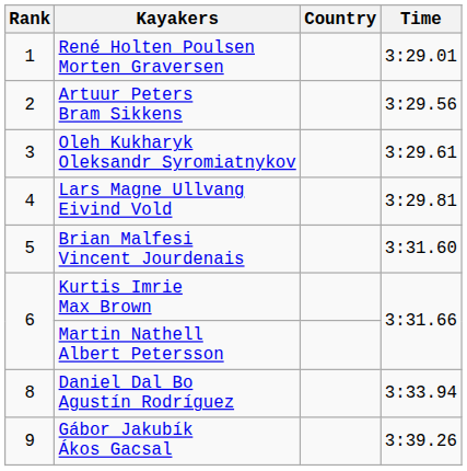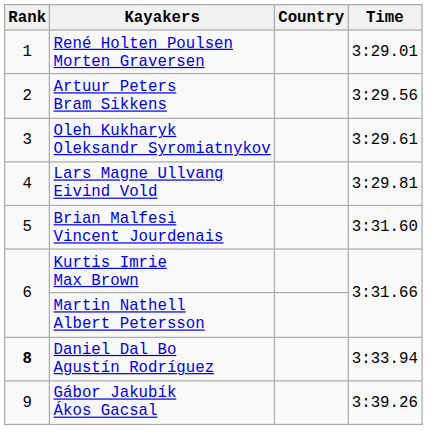 <table class="wikitable" style="text-align:center">
 <tr>
 <th>Rank</th>
 <th>Kayakers</th>
 <th>Country</th>
 <th>Time</th>
 </tr>
 <tr>
 <td>1</td>
 <td align="left"><a href='#'>René Holten Poulsen</a><br><a href='#'>Morten Graversen</a></td>
 <td align="left"></td>
 <td>3:29.01</td>
 </tr>
 <tr>
 <td>2</td>
 <td align="left"><a href='#'>Artuur Peters</a><br><a href='#'>Bram Sikkens</a></td>
 <td align="left"></td>
 <td>3:29.56</td>
 </tr>
 <tr>
 <td>3</td>
 <td align="left"><a href='#'>Oleh Kukharyk</a><br><a href='#'>Oleksandr Syromiatnykov</a></td>
 <td align="left"></td>
 <td>3:29.61</td>
 </tr>
 <tr>
 <td>4</td>
 <td align="left"><a href='#'>Lars Magne Ullvang</a><br><a href='#'>Eivind Vold</a></td>
 <td align="left"></td>
 <td>3:29.81</td>
 </tr>
 <tr>
 <td>5</td>
 <td align="left"><a href='#'>Brian Malfesi</a><br><a href='#'>Vincent Jourdenais</a></td>
 <td align="left"></td>
 <td>3:31.60</td>
 </tr>
 <tr>
 <td rowspan=2>6</td>
 <td align="left"><a href='#'>Kurtis Imrie</a><br><a href='#'>Max Brown</a></td>
 <td align="left"></td>
 <td rowspan=2>3:31.66</td>
 </tr>
 <tr>
 <td align="left"><a href='#'>Martin Nathell</a><br><a href='#'>Albert Petersson</a></td>
 <td align="left"></td>
 </tr>
 <tr>
-<td>8</td>
+<td><strong>8</strong></td>
 <td align="left"><a href='#'>Daniel Dal Bo</a><br><a href='#'>Agustín Rodríguez</a></td>
 <td align="left"></td>
 <td>3:33.94</td>
 </tr>
 <tr>
 <td>9</td>
 <td align="left"><a href='#'>Gábor Jakubík</a><br><a href='#'>Ákos Gacsal</a></td>
 <td align="left"></td>
 <td>3:39.26</td>
 </tr>
 </table>
